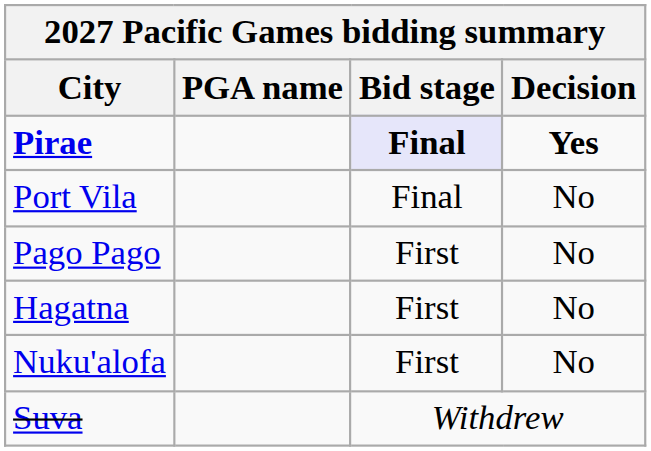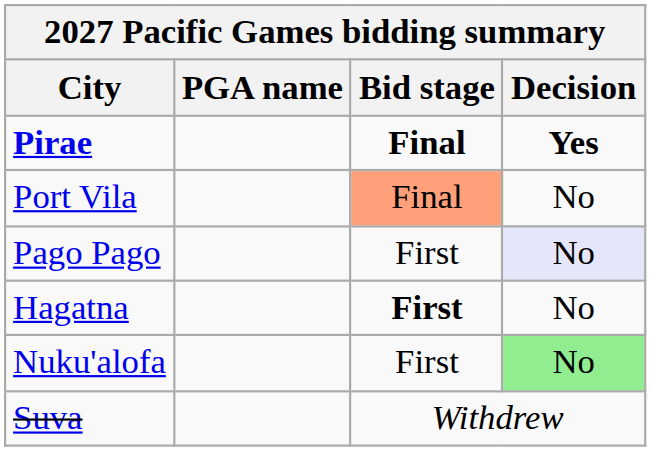 <table class="wikitable">
 <tr>
 <th colspan="7">2027 Pacific Games bidding summary</th>
 </tr>
 <tr>
 <th>City</th>
 <th>PGA name</th>
 <th>Bid stage</th>
 <th>Decision</th>
 </tr>
 <tr>
 <td><strong><a href='#'>Pirae</a></strong></td>
 <td><strong></strong></td>
-<td align=center style="background: lavender;"><strong>Final</strong></td>
+<td align=center><strong>Final</strong></td>
 <td align=center><strong>Yes</strong></td>
 </tr>
 <tr>
 <td><a href='#'>Port Vila</a></td>
 <td></td>
-<td align=center>Final</td>
+<td align=center style="background: lightsalmon;">Final</td>
 <td align=center>No</td>
 </tr>
 <tr>
 <td><a href='#'>Pago Pago</a></td>
 <td></td>
 <td align=center>First</td>
-<td align=center>No</td>
+<td align=center style="background: lavender;">No</td>
 </tr>
 <tr>
 <td><a href='#'>Hagatna</a></td>
 <td></td>
-<td align=center>First</td>
+<td align=center><strong>First</strong></td>
 <td align=center>No</td>
 </tr>
 <tr>
 <td><a href='#'>Nuku'alofa</a></td>
 <td></td>
 <td align=center>First</td>
-<td align=center>No</td>
+<td align=center style="background: lightgreen;">No</td>
 </tr>
 <tr>
 <td><s><a href='#'>Suva</a></s></td>
 <td><s></s></td>
 <td colspan=2 align=center><em>Withdrew</em></td>
 </tr>
 </table>
